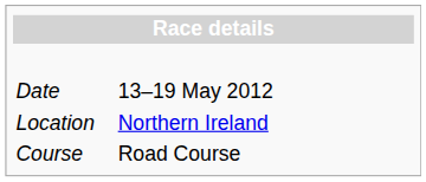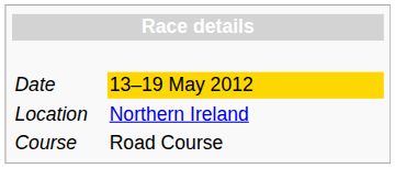 <table class="infobox" align="right" cellpadding="2" style="float:right; width: 20em;">
 <tr>
 </tr>
 <tr>
 <th colspan="3" style="background:lightgrey; color:#ffffff;">Race details</th>
 </tr>
 <tr>
 <td colspan="3" style="text-align:center;"><br></td>
 </tr>
 <tr>
 <td style="width: 25%;"><em>Date</em></td>
-<td>13–19 May 2012</td>
+<td style="background: gold;">13–19 May 2012</td>
 </tr>
 <tr>
 <td><em>Location</em></td>
 <td colspan=3><a href='#'>Northern Ireland</a></td>
 </tr>
 <tr>
 <td><em>Course</em></td>
 <td colspan=3>Road Course <br> </td>
 </tr>
 </table>
